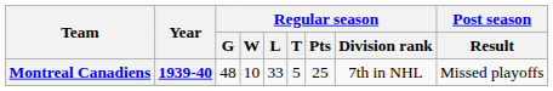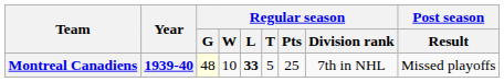 <table class="wikitable" style="font-size: 95%; text-align:center;">
 <tr>
 <th rowspan="2">Team</th>
 <th rowspan="2">Year</th>
 <th colspan="6"><a href='#'>Regular season</a></th>
 <th colspan="1"><a href='#'>Post season</a></th>
 </tr>
 <tr>
 <th>G</th>
 <th>W</th>
 <th>L</th>
 <th>T</th>
 <th>Pts</th>
 <th>Division rank</th>
 <th>Result</th>
 </tr>
 <tr>
 <th><a href='#'>Montreal Canadiens</a></th>
 <th><a href='#'>1939-40</a></th>
-<td>48</td>
+<td style="background: lightyellow;">48</td>
 <td>10</td>
-<td>33</td>
+<td><strong>33</strong></td>
 <td>5</td>
 <td>25</td>
 <td>7th in NHL</td>
 <td>Missed playoffs</td>
 </tr>
 </table>
